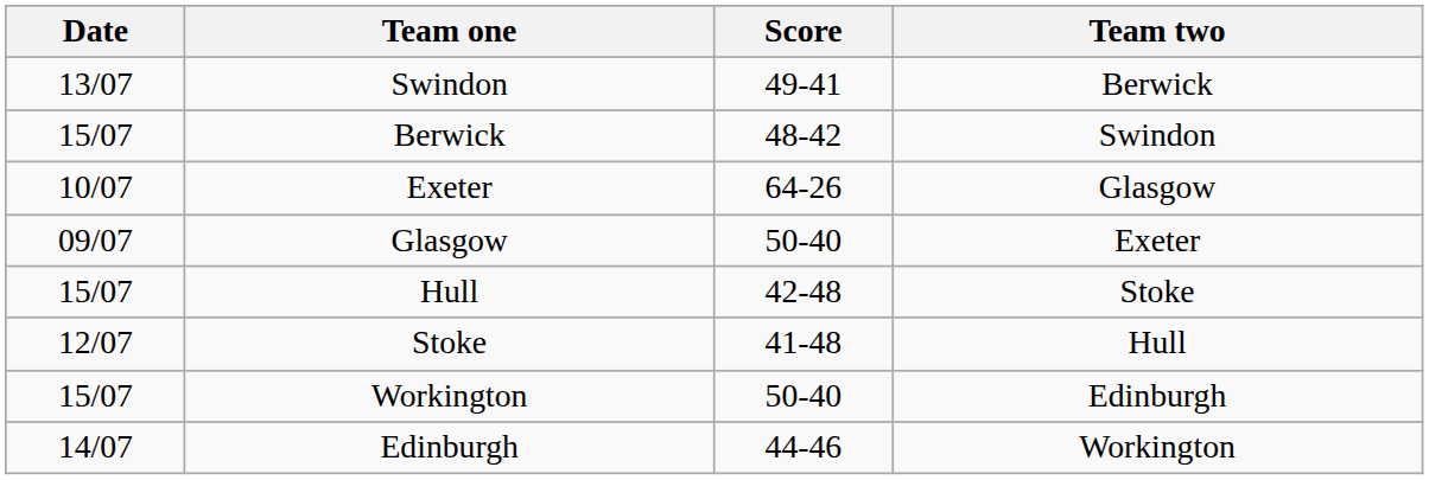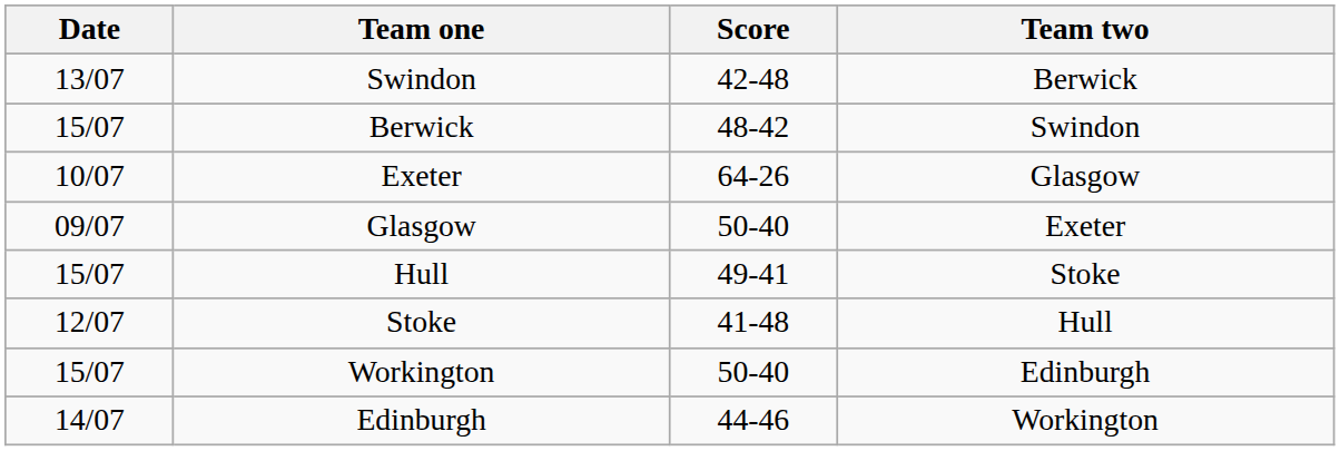 <table class="wikitable" style="text-align: center">
 <tr>
 <th width=80>Date</th>
 <th width=250>Team one</th>
 <th width=80>Score</th>
 <th width=250>Team two</th>
 </tr>
 <tr>
 <td>13/07</td>
 <td>Swindon</td>
-<td>49-41</td>
+<td>42-48</td>
 <td>Berwick</td>
 </tr>
 <tr>
 <td>15/07</td>
 <td>Berwick</td>
 <td>48-42</td>
 <td>Swindon</td>
 </tr>
 <tr>
 <td>10/07</td>
 <td>Exeter</td>
 <td>64-26</td>
 <td>Glasgow</td>
 </tr>
 <tr>
 <td>09/07</td>
 <td>Glasgow</td>
 <td>50-40</td>
 <td>Exeter</td>
 </tr>
 <tr>
 <td>15/07</td>
 <td>Hull</td>
-<td>42-48</td>
+<td>49-41</td>
 <td>Stoke</td>
 </tr>
 <tr>
 <td>12/07</td>
 <td>Stoke</td>
 <td>41-48</td>
 <td>Hull</td>
 </tr>
 <tr>
 <td>15/07</td>
 <td>Workington</td>
 <td>50-40</td>
 <td>Edinburgh</td>
 </tr>
 <tr>
 <td>14/07</td>
 <td>Edinburgh</td>
 <td>44-46</td>
 <td>Workington</td>
 </tr>
 </table>
